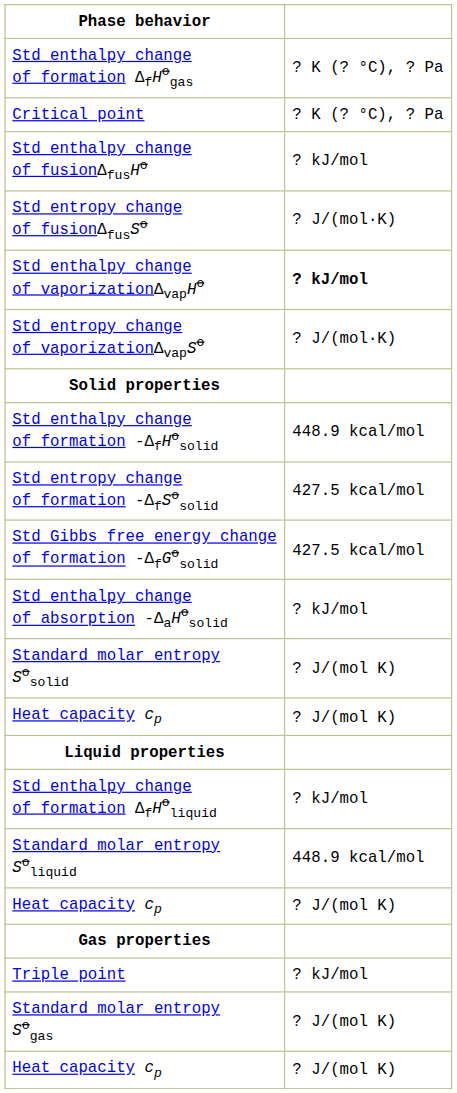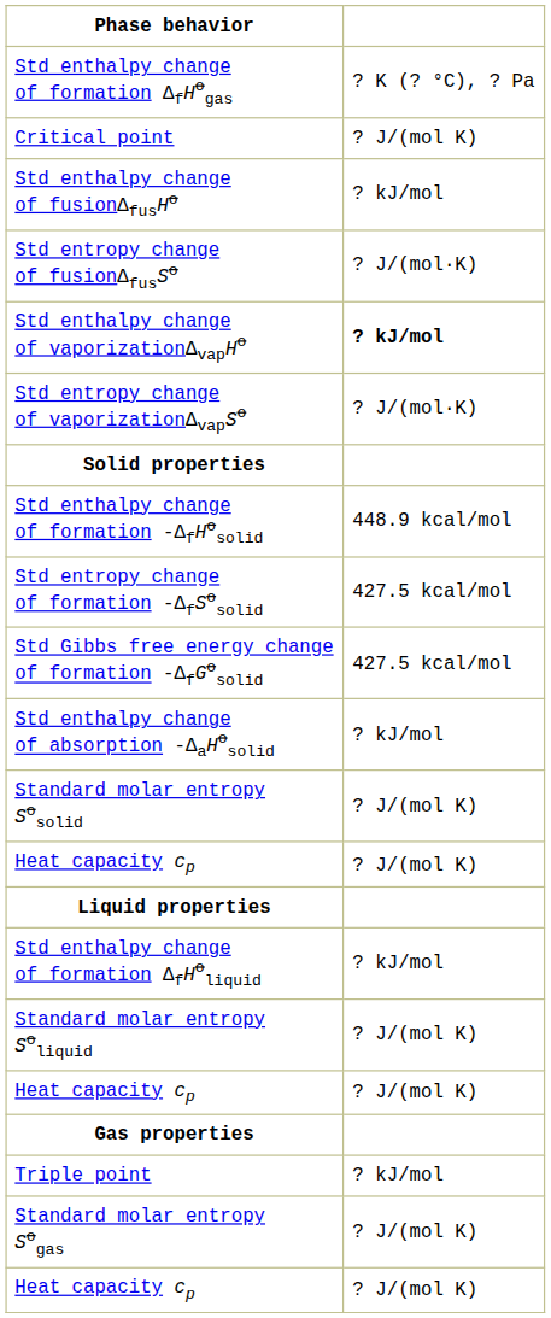 <table border="1" cellspacing="0" cellpadding="6" style="margin: 0 0 0 0.5em; background: #FFFFFF; border-collapse: collapse; border-color: #C0C090;">
 <tr>
 <th>Phase behavior</th>
 </tr>
 <tr>
 <td><a href='#'>Std enthalpy change<br>of formation</a> Δ<sub>f</sub><em>H</em><sup><s>o</s></sup><sub>gas</sub></td>
 <td>? K (? °C), ? Pa</td>
 </tr>
 <tr>
 <td><a href='#'>Critical point</a></td>
-<td>? K (? °C), ? Pa</td>
+<td>? J/(mol K)</td>
 </tr>
 <tr>
 <td><a href='#'>Std enthalpy change<br>of fusion</a>Δ<sub>fus</sub><em>H</em><sup><s>o</s></sup></td>
 <td>? kJ/mol</td>
 </tr>
 <tr>
 <td><a href='#'>Std entropy change<br>of fusion</a>Δ<sub>fus</sub><em>S</em><sup><s>o</s></sup></td>
 <td>? J/(mol·K)</td>
 </tr>
 <tr>
 <td><a href='#'>Std enthalpy change<br>of vaporization</a>Δ<sub>vap</sub><em>H</em><sup><s>o</s></sup></td>
 <td><strong>? kJ/mol</strong></td>
 </tr>
 <tr>
 <td><a href='#'>Std entropy change<br>of vaporization</a>Δ<sub>vap</sub><em>S</em><sup><s>o</s></sup></td>
 <td>? J/(mol·K)</td>
 </tr>
 <tr>
 <th>Solid properties</th>
 </tr>
 <tr>
 <td><a href='#'>Std enthalpy change<br>of formation</a> -Δ<sub>f</sub><em>H</em><sup><s>o</s></sup><sub>solid</sub></td>
 <td>448.9 kcal/mol</td>
 </tr>
 <tr>
 <td><a href='#'>Std entropy change<br>of formation</a> -Δ<sub>f</sub><em>S</em><sup><s>o</s></sup><sub>solid</sub></td>
 <td>427.5 kcal/mol</td>
 </tr>
 <tr>
 <td><a href='#'>Std Gibbs free energy change<br>of formation</a> -Δ<sub>f</sub><em>G</em><sup><s>o</s></sup><sub>solid</sub></td>
 <td>427.5 kcal/mol</td>
 </tr>
 <tr>
 <td><a href='#'>Std enthalpy change<br>of absorption</a> -Δ<sub>a</sub><em>H</em><sup><s>o</s></sup><sub>solid</sub></td>
 <td>? kJ/mol</td>
 </tr>
 <tr>
 <td><a href='#'>Standard molar entropy</a><br><em>S</em><sup><s>o</s></sup><sub>solid</sub></td>
 <td>? J/(mol K)</td>
 </tr>
 <tr>
 <td><a href='#'>Heat capacity</a> <em>c<sub>p</sub></em></td>
 <td>? J/(mol K)</td>
 </tr>
 <tr>
 <th>Liquid properties</th>
 </tr>
 <tr>
 <td><a href='#'>Std enthalpy change<br>of formation</a> Δ<sub>f</sub><em>H</em><sup><s>o</s></sup><sub>liquid</sub></td>
 <td>? kJ/mol</td>
 </tr>
 <tr>
 <td><a href='#'>Standard molar entropy</a><br><em>S</em><sup><s>o</s></sup><sub>liquid</sub></td>
-<td>448.9 kcal/mol</td>
+<td>? J/(mol K)</td>
 </tr>
 <tr>
 <td><a href='#'>Heat capacity</a> <em>c<sub>p</sub></em></td>
 <td>? J/(mol K)</td>
 </tr>
 <tr>
 <th>Gas properties</th>
 </tr>
 <tr>
 <td><a href='#'>Triple point</a></td>
 <td>? kJ/mol</td>
 </tr>
 <tr>
 <td><a href='#'>Standard molar entropy</a><br><em>S</em><sup><s>o</s></sup><sub>gas</sub></td>
 <td>? J/(mol K)</td>
 </tr>
 <tr>
 <td><a href='#'>Heat capacity</a> <em>c<sub>p</sub></em></td>
 <td>? J/(mol K)</td>
 </tr>
 <tr>
 </tr>
 </table>
